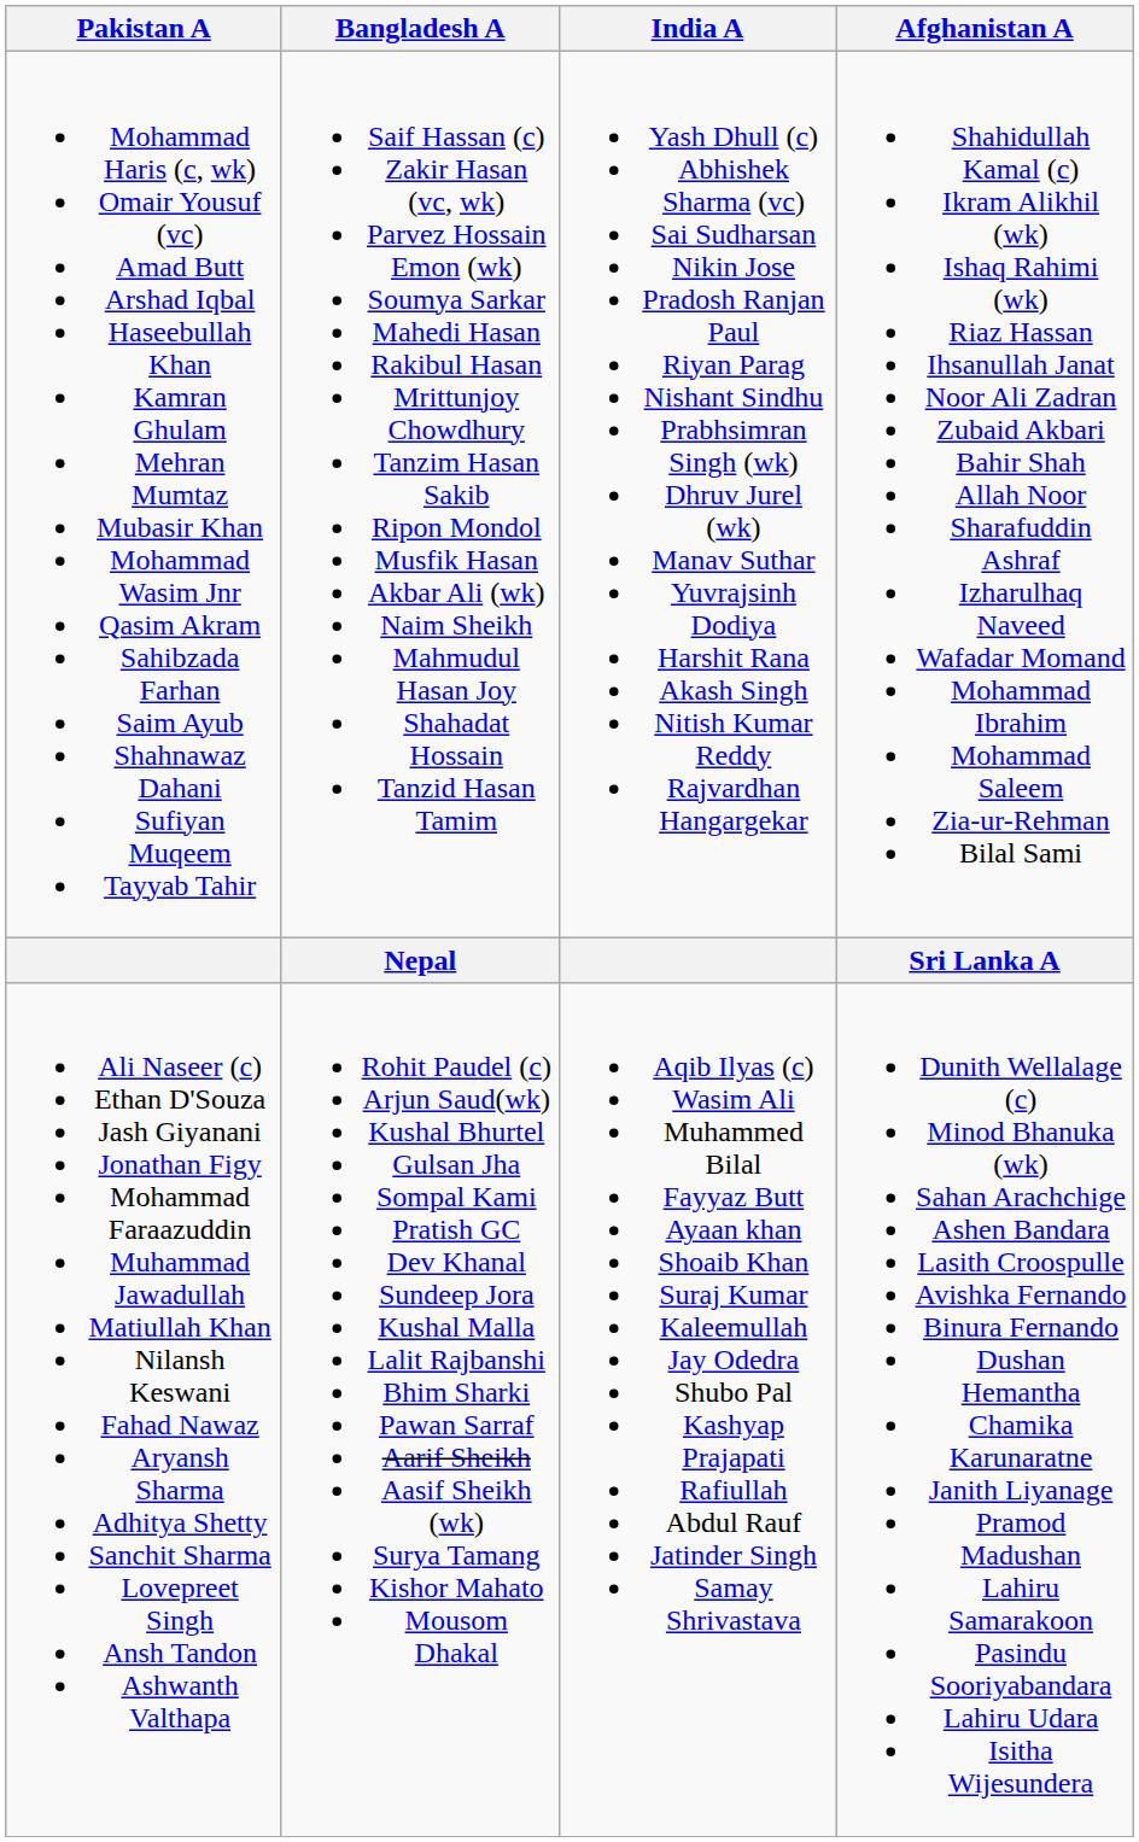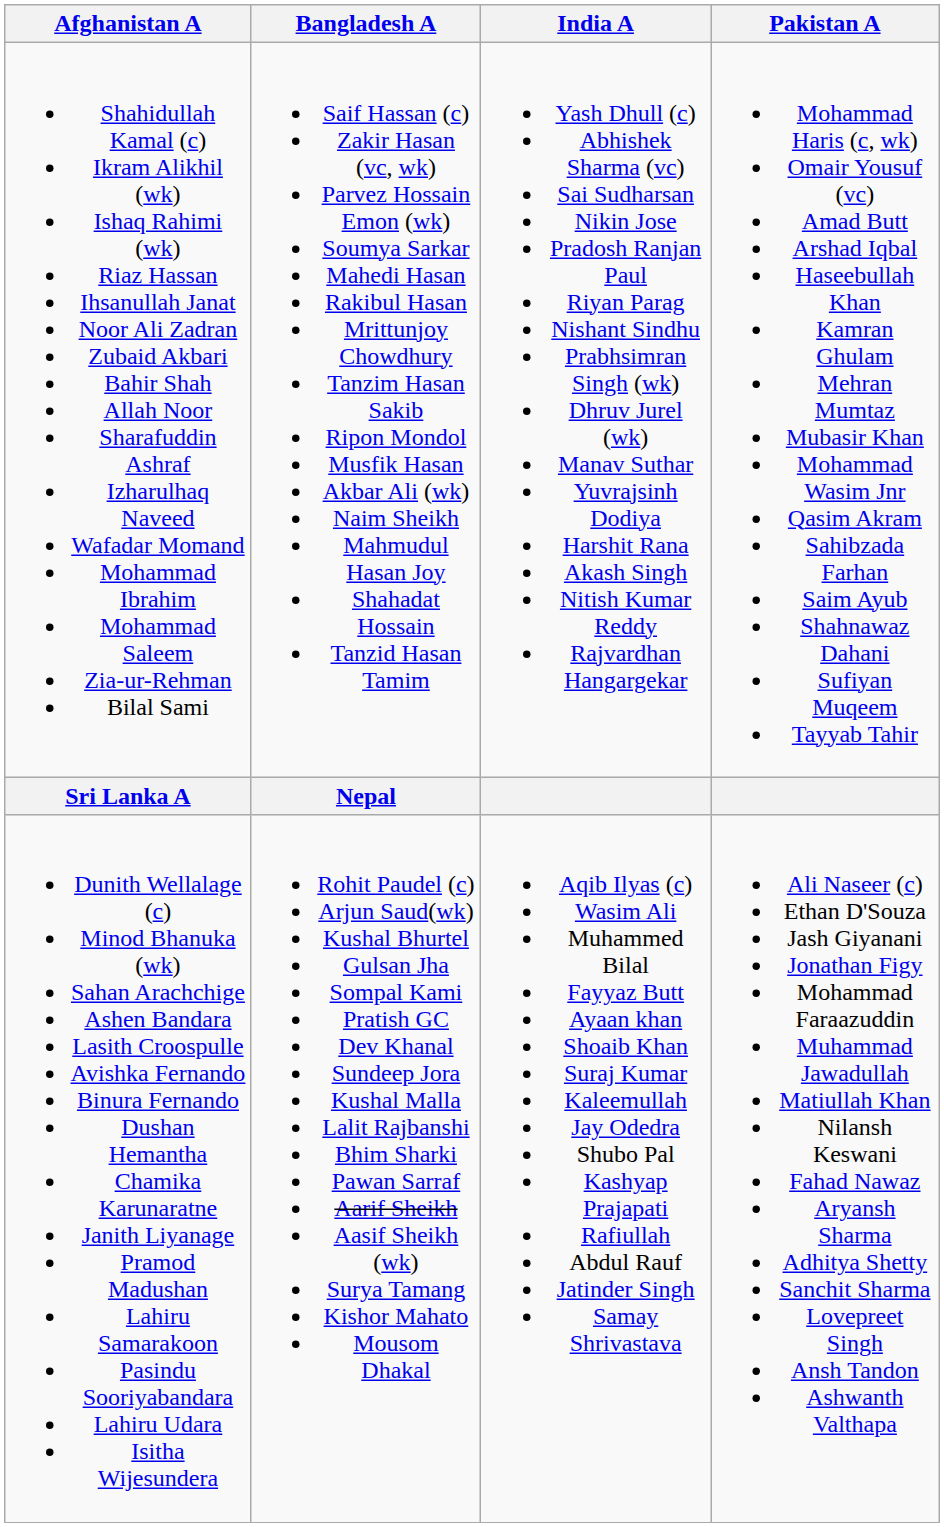 <table class="wikitable" style="text-align:center; margin:auto">
 <tr>
-<th> <a href='#'>Pakistan A</a></th>
+<th> <a href='#'>Afghanistan A</a></th>
 <th> <a href='#'>Bangladesh A</a></th>
 <th> <a href='#'>India A</a></th>
-<th> <a href='#'>Afghanistan A</a></th>
+<th> <a href='#'>Pakistan A</a></th>
 </tr>
 <tr style="vertical-align:top; height:20em">
-<td><br><ul><li><a href='#'>Mohammad Haris</a> (<a href='#'>c</a>, <a href='#'>wk</a>)</li><li><a href='#'>Omair Yousuf</a> (<a href='#'>vc</a>)</li><li><a href='#'>Amad Butt</a></li><li><a href='#'>Arshad Iqbal</a></li><li><a href='#'>Haseebullah Khan</a></li><li><a href='#'>Kamran Ghulam</a></li><li><a href='#'>Mehran Mumtaz</a></li><li><a href='#'>Mubasir Khan</a></li><li><a href='#'>Mohammad Wasim Jnr</a></li><li><a href='#'>Qasim Akram</a></li><li><a href='#'>Sahibzada Farhan</a></li><li><a href='#'>Saim Ayub</a></li><li><a href='#'>Shahnawaz Dahani</a></li><li><a href='#'>Sufiyan Muqeem</a></li><li><a href='#'>Tayyab Tahir</a></li></ul></td>
+<td><br><ul><li><a href='#'>Shahidullah Kamal</a> (<a href='#'>c</a>)</li><li><a href='#'>Ikram Alikhil</a> (<a href='#'>wk</a>)</li><li><a href='#'>Ishaq Rahimi</a> (<a href='#'>wk</a>)</li><li><a href='#'>Riaz Hassan</a></li><li><a href='#'>Ihsanullah Janat</a></li><li><a href='#'>Noor Ali Zadran</a></li><li><a href='#'>Zubaid Akbari</a></li><li><a href='#'>Bahir Shah</a></li><li><a href='#'>Allah Noor</a></li><li><a href='#'>Sharafuddin Ashraf</a></li><li><a href='#'>Izharulhaq Naveed</a></li><li><a href='#'>Wafadar Momand</a></li><li><a href='#'>Mohammad Ibrahim</a></li><li><a href='#'>Mohammad Saleem</a></li><li><a href='#'>Zia-ur-Rehman</a></li><li>Bilal Sami</li></ul></td>
 <td><br><ul><li><a href='#'>Saif Hassan</a> (<a href='#'>c</a>)</li><li><a href='#'>Zakir Hasan</a> (<a href='#'>vc</a>, <a href='#'>wk</a>)</li><li><a href='#'>Parvez Hossain Emon</a> (<a href='#'>wk</a>)</li><li><a href='#'>Soumya Sarkar</a></li><li><a href='#'>Mahedi Hasan</a></li><li><a href='#'>Rakibul Hasan</a></li><li><a href='#'>Mrittunjoy Chowdhury</a></li><li><a href='#'>Tanzim Hasan Sakib</a></li><li><a href='#'>Ripon Mondol</a></li><li><a href='#'>Musfik Hasan</a></li><li><a href='#'>Akbar Ali</a> (<a href='#'>wk</a>)</li><li><a href='#'>Naim Sheikh</a></li><li><a href='#'>Mahmudul Hasan Joy</a></li><li><a href='#'>Shahadat Hossain</a></li><li><a href='#'>Tanzid Hasan Tamim</a></li></ul></td>
 <td><br><ul><li><a href='#'>Yash Dhull</a>  (<a href='#'>c</a>)</li><li><a href='#'>Abhishek Sharma</a> (<a href='#'>vc</a>)</li><li><a href='#'>Sai Sudharsan</a></li><li><a href='#'>Nikin Jose</a></li><li><a href='#'>Pradosh Ranjan Paul</a></li><li><a href='#'>Riyan Parag</a></li><li><a href='#'>Nishant Sindhu</a></li><li><a href='#'>Prabhsimran Singh</a> (<a href='#'>wk</a>)</li><li><a href='#'>Dhruv Jurel</a> (<a href='#'>wk</a>)</li><li><a href='#'>Manav Suthar</a></li><li><a href='#'>Yuvrajsinh Dodiya</a></li><li><a href='#'>Harshit Rana</a></li><li><a href='#'>Akash Singh</a></li><li><a href='#'>Nitish Kumar Reddy</a></li><li><a href='#'>Rajvardhan Hangargekar</a></li></ul></td>
-<td><br><ul><li><a href='#'>Shahidullah Kamal</a> (<a href='#'>c</a>)</li><li><a href='#'>Ikram Alikhil</a> (<a href='#'>wk</a>)</li><li><a href='#'>Ishaq Rahimi</a> (<a href='#'>wk</a>)</li><li><a href='#'>Riaz Hassan</a></li><li><a href='#'>Ihsanullah Janat</a></li><li><a href='#'>Noor Ali Zadran</a></li><li><a href='#'>Zubaid Akbari</a></li><li><a href='#'>Bahir Shah</a></li><li><a href='#'>Allah Noor</a></li><li><a href='#'>Sharafuddin Ashraf</a></li><li><a href='#'>Izharulhaq Naveed</a></li><li><a href='#'>Wafadar Momand</a></li><li><a href='#'>Mohammad Ibrahim</a></li><li><a href='#'>Mohammad Saleem</a></li><li><a href='#'>Zia-ur-Rehman</a></li><li>Bilal Sami</li></ul></td>
+<td><br><ul><li><a href='#'>Mohammad Haris</a> (<a href='#'>c</a>, <a href='#'>wk</a>)</li><li><a href='#'>Omair Yousuf</a> (<a href='#'>vc</a>)</li><li><a href='#'>Amad Butt</a></li><li><a href='#'>Arshad Iqbal</a></li><li><a href='#'>Haseebullah Khan</a></li><li><a href='#'>Kamran Ghulam</a></li><li><a href='#'>Mehran Mumtaz</a></li><li><a href='#'>Mubasir Khan</a></li><li><a href='#'>Mohammad Wasim Jnr</a></li><li><a href='#'>Qasim Akram</a></li><li><a href='#'>Sahibzada Farhan</a></li><li><a href='#'>Saim Ayub</a></li><li><a href='#'>Shahnawaz Dahani</a></li><li><a href='#'>Sufiyan Muqeem</a></li><li><a href='#'>Tayyab Tahir</a></li></ul></td>
 </tr>
 <tr>
-<th></th>
+<th> <a href='#'>Sri Lanka A</a></th>
 <th> <a href='#'>Nepal</a></th>
 <th></th>
-<th> <a href='#'>Sri Lanka A</a></th>
+<th></th>
 </tr>
 <tr style="vertical-align:top; height:20em">
-<td><br><ul><li><a href='#'>Ali Naseer</a> (<a href='#'>c</a>)</li><li>Ethan D'Souza</li><li>Jash Giyanani</li><li><a href='#'>Jonathan Figy</a></li><li>Mohammad Faraazuddin</li><li><a href='#'>Muhammad Jawadullah</a></li><li><a href='#'>Matiullah Khan</a></li><li>Nilansh Keswani</li><li><a href='#'>Fahad Nawaz</a></li><li><a href='#'>Aryansh Sharma</a></li><li><a href='#'>Adhitya Shetty</a></li><li><a href='#'>Sanchit Sharma</a></li><li><a href='#'>Lovepreet Singh</a></li><li><a href='#'>Ansh Tandon</a></li><li><a href='#'>Ashwanth Valthapa</a></li></ul></td>
+<td><br><ul><li><a href='#'>Dunith Wellalage</a> (<a href='#'>c</a>)</li><li><a href='#'>Minod Bhanuka</a> (<a href='#'>wk</a>)</li><li><a href='#'>Sahan Arachchige</a></li><li><a href='#'>Ashen Bandara</a></li><li><a href='#'>Lasith Croospulle</a></li><li><a href='#'>Avishka Fernando</a></li><li><a href='#'>Binura Fernando</a></li><li><a href='#'>Dushan Hemantha</a></li><li><a href='#'>Chamika Karunaratne</a></li><li><a href='#'>Janith Liyanage</a></li><li><a href='#'>Pramod Madushan</a></li><li><a href='#'>Lahiru Samarakoon</a></li><li><a href='#'>Pasindu Sooriyabandara</a></li><li><a href='#'>Lahiru Udara</a></li><li><a href='#'>Isitha Wijesundera</a></li></ul></td>
 <td><br><ul><li><a href='#'>Rohit Paudel</a> (<a href='#'>c</a>)</li><li><a href='#'>Arjun Saud</a>(<a href='#'>wk</a>)</li><li><a href='#'>Kushal Bhurtel</a></li><li><a href='#'>Gulsan Jha</a></li><li><a href='#'>Sompal Kami</a></li><li><a href='#'>Pratish GC</a></li><li><a href='#'>Dev Khanal</a></li><li><a href='#'>Sundeep Jora</a></li><li><a href='#'>Kushal Malla</a></li><li><a href='#'>Lalit Rajbanshi</a></li><li><a href='#'>Bhim Sharki</a></li><li><a href='#'>Pawan Sarraf</a></li><li><s><a href='#'>Aarif Sheikh</a></s></li><li><a href='#'>Aasif Sheikh</a> (<a href='#'>wk</a>)</li><li><a href='#'>Surya Tamang</a></li><li><a href='#'>Kishor Mahato</a></li><li><a href='#'>Mousom Dhakal</a></li></ul></td>
 <td><br><ul><li><a href='#'>Aqib Ilyas</a> (<a href='#'>c</a>)</li><li><a href='#'>Wasim Ali</a></li><li>Muhammed Bilal</li><li><a href='#'>Fayyaz Butt</a></li><li><a href='#'>Ayaan khan</a></li><li><a href='#'>Shoaib Khan</a></li><li><a href='#'>Suraj Kumar</a></li><li><a href='#'>Kaleemullah</a></li><li><a href='#'>Jay Odedra</a></li><li>Shubo Pal</li><li><a href='#'>Kashyap Prajapati</a></li><li><a href='#'>Rafiullah</a></li><li>Abdul Rauf</li><li><a href='#'>Jatinder Singh</a></li><li><a href='#'>Samay Shrivastava</a></li></ul></td>
-<td><br><ul><li><a href='#'>Dunith Wellalage</a> (<a href='#'>c</a>)</li><li><a href='#'>Minod Bhanuka</a> (<a href='#'>wk</a>)</li><li><a href='#'>Sahan Arachchige</a></li><li><a href='#'>Ashen Bandara</a></li><li><a href='#'>Lasith Croospulle</a></li><li><a href='#'>Avishka Fernando</a></li><li><a href='#'>Binura Fernando</a></li><li><a href='#'>Dushan Hemantha</a></li><li><a href='#'>Chamika Karunaratne</a></li><li><a href='#'>Janith Liyanage</a></li><li><a href='#'>Pramod Madushan</a></li><li><a href='#'>Lahiru Samarakoon</a></li><li><a href='#'>Pasindu Sooriyabandara</a></li><li><a href='#'>Lahiru Udara</a></li><li><a href='#'>Isitha Wijesundera</a></li></ul></td>
+<td><br><ul><li><a href='#'>Ali Naseer</a> (<a href='#'>c</a>)</li><li>Ethan D'Souza</li><li>Jash Giyanani</li><li><a href='#'>Jonathan Figy</a></li><li>Mohammad Faraazuddin</li><li><a href='#'>Muhammad Jawadullah</a></li><li><a href='#'>Matiullah Khan</a></li><li>Nilansh Keswani</li><li><a href='#'>Fahad Nawaz</a></li><li><a href='#'>Aryansh Sharma</a></li><li><a href='#'>Adhitya Shetty</a></li><li><a href='#'>Sanchit Sharma</a></li><li><a href='#'>Lovepreet Singh</a></li><li><a href='#'>Ansh Tandon</a></li><li><a href='#'>Ashwanth Valthapa</a></li></ul></td>
 </tr>
 </table>
